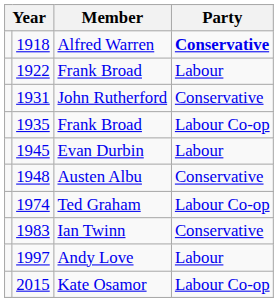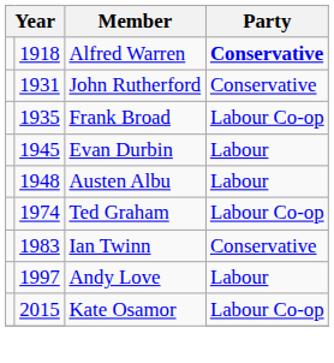 <table class="wikitable">
 <tr>
 <th colspan="2">Year</th>
 <th>Member</th>
 <th>Party</th>
 </tr>
 <tr>
 <td style="color:inherit;background-color: "></td>
 <td><a href='#'>1918</a></td>
 <td><a href='#'>Alfred Warren</a></td>
 <td><strong><a href='#'>Conservative</a></strong></td>
-</tr>
-<tr>
-<td style="color:inherit;background-color: "></td>
-<td><a href='#'>1922</a></td>
-<td><a href='#'>Frank Broad</a></td>
-<td><a href='#'>Labour</a></td>
 </tr>
 <tr>
 <td style="color:inherit;background-color: "></td>
 <td><a href='#'>1931</a></td>
 <td><a href='#'>John Rutherford</a></td>
 <td><a href='#'>Conservative</a></td>
 </tr>
 <tr>
 <td style="color:inherit;background-color: "></td>
 <td><a href='#'>1935</a></td>
 <td><a href='#'>Frank Broad</a></td>
 <td><a href='#'>Labour Co-op</a></td>
 </tr>
 <tr>
 <td style="color:inherit;background-color: "></td>
 <td><a href='#'>1945</a></td>
 <td><a href='#'>Evan Durbin</a></td>
 <td><a href='#'>Labour</a></td>
 </tr>
 <tr>
 <td style="color:inherit;background-color: "></td>
 <td><a href='#'>1948</a></td>
 <td><a href='#'>Austen Albu</a></td>
-<td><a href='#'>Conservative</a></td>
+<td><a href='#'>Labour</a></td>
 </tr>
 <tr>
 <td style="color:inherit;background-color: "></td>
 <td><a href='#'>1974</a></td>
 <td><a href='#'>Ted Graham</a></td>
 <td><a href='#'>Labour Co-op</a></td>
 </tr>
 <tr>
 <td style="color:inherit;background-color: "></td>
 <td><a href='#'>1983</a></td>
 <td><a href='#'>Ian Twinn</a></td>
 <td><a href='#'>Conservative</a></td>
 </tr>
 <tr>
 <td style="color:inherit;background-color: "></td>
 <td><a href='#'>1997</a></td>
 <td><a href='#'>Andy Love</a></td>
 <td><a href='#'>Labour</a></td>
 </tr>
 <tr>
 <td style="color:inherit;background-color: "></td>
 <td><a href='#'>2015</a></td>
 <td rowspan=2><a href='#'>Kate Osamor</a></td>
 <td><a href='#'>Labour Co-op</a></td>
 </tr>
 <tr>
 </tr>
 </table>
